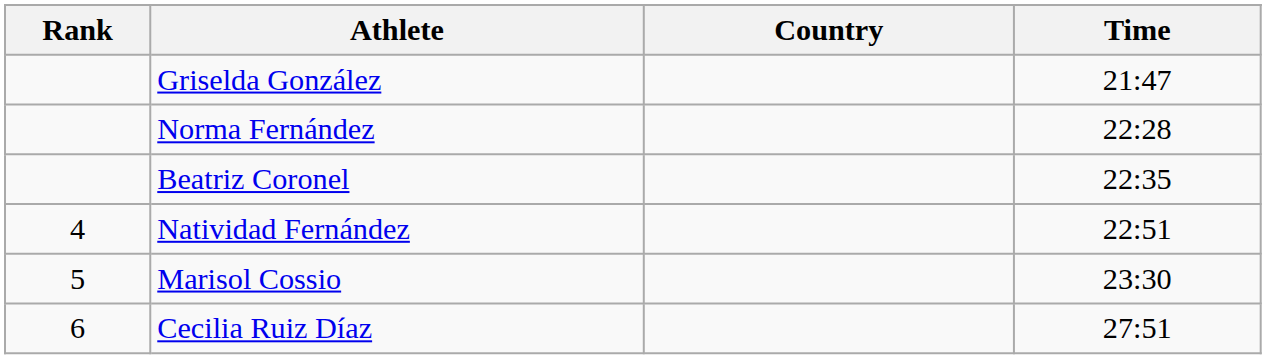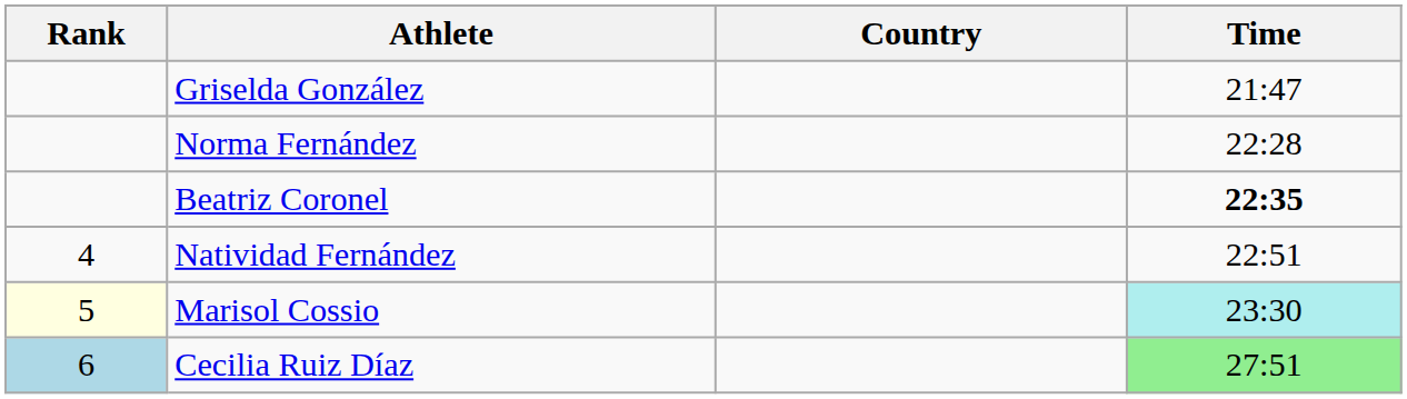 <table class="wikitable sortable" style=" text-align:center; font-size:95%;" width="50%">
 <tr>
 </tr>
 <tr>
 <th width=5%>Rank</th>
 <th width=20%>Athlete</th>
 <th width=15%>Country</th>
 <th width=10%>Time</th>
 </tr>
 <tr>
 <td align=center></td>
 <td align=left><a href='#'>Griselda González</a></td>
 <td align=left></td>
 <td>21:47</td>
 </tr>
 <tr>
 <td align=center></td>
 <td align=left><a href='#'>Norma Fernández</a></td>
 <td align=left></td>
 <td>22:28</td>
 </tr>
 <tr>
 <td align=center></td>
 <td align=left><a href='#'>Beatriz Coronel</a></td>
 <td align=left></td>
-<td>22:35</td>
+<td><strong>22:35</strong></td>
 </tr>
 <tr>
 <td align=center>4</td>
 <td align=left><a href='#'>Natividad Fernández</a></td>
 <td align=left></td>
 <td>22:51</td>
 </tr>
 <tr>
-<td align=center>5</td>
+<td align=center style="background: lightyellow;">5</td>
 <td align=left><a href='#'>Marisol Cossio</a></td>
 <td align=left></td>
-<td>23:30</td>
+<td style="background: paleturquoise;">23:30</td>
 </tr>
 <tr>
-<td align=center>6</td>
+<td align=center style="background: lightblue;">6</td>
 <td align=left><a href='#'>Cecilia Ruiz Díaz</a></td>
 <td align=left></td>
-<td>27:51</td>
+<td style="background: lightgreen;">27:51</td>
 </tr>
 </table>
